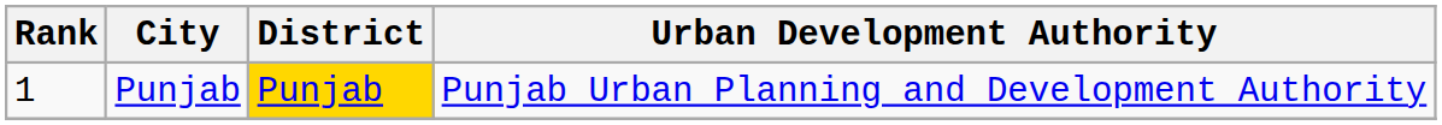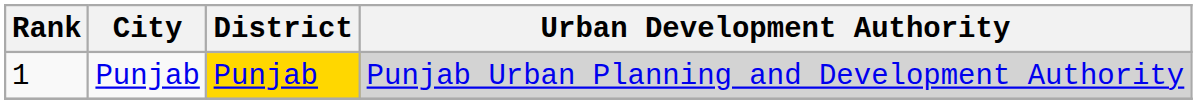 <table class="wikitable sortable">
 <tr>
 <th>Rank</th>
 <th>City</th>
 <th>District</th>
 <th>Urban Development Authority</th>
 </tr>
 <tr>
 <td>1</td>
 <td><a href='#'>Punjab</a></td>
 <td style="background: gold;"><a href='#'>Punjab</a></td>
-<td><a href='#'>Punjab Urban Planning and Development Authority</a></td>
+<td style="background: lightgrey;"><a href='#'>Punjab Urban Planning and Development Authority</a></td>
 </tr>
 <tr>
 </tr>
 </table>
